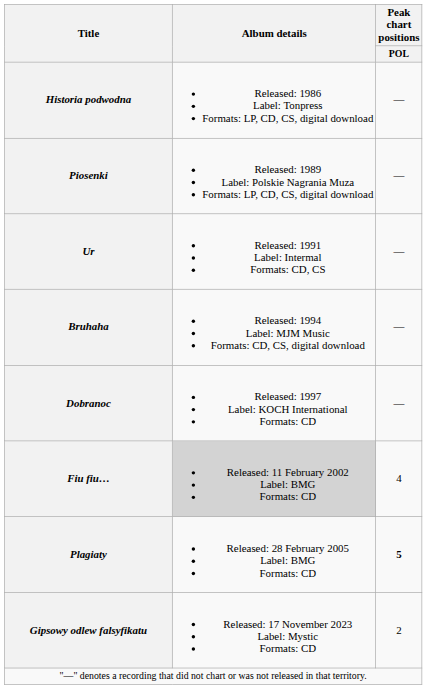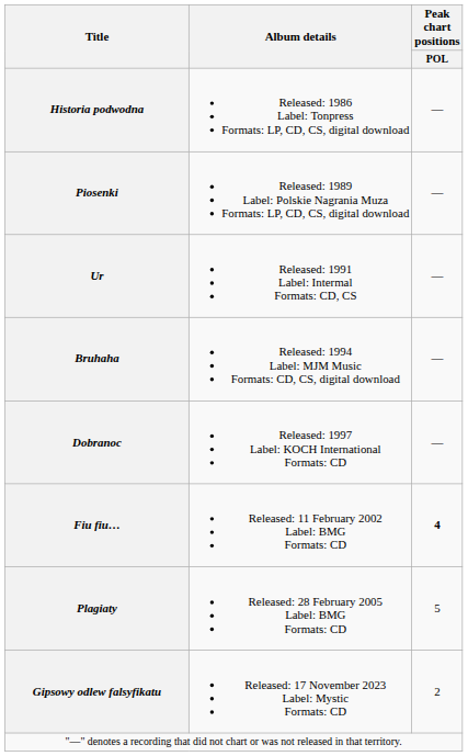 <table class="wikitable plainrowheaders" style="text-align:center;">
 <tr>
 <th scope="col" rowspan="2" style="width:15em;">Title</th>
 <th scope="col" rowspan="2">Album details</th>
 <th scope="col" colspan="1">Peak chart positions</th>
 </tr>
 <tr>
 <th scope="col" style="width:3em;font-size:90%;">POL<br></th>
 </tr>
 <tr>
 <th scope="row"><em>Historia podwodna</em></th>
 <td><br><ul><li>Released: 1986</li><li>Label: Tonpress</li><li>Formats: LP, CD, CS, digital download</li></ul></td>
 <td>—</td>
 </tr>
 <tr>
 <th scope="row"><em>Piosenki</em></th>
 <td><br><ul><li>Released: 1989</li><li>Label: Polskie Nagrania Muza</li><li>Formats: LP, CD, CS, digital download</li></ul></td>
 <td>—</td>
 </tr>
 <tr>
 <th scope="row"><em>Ur</em></th>
 <td><br><ul><li>Released: 1991</li><li>Label: Intermal</li><li>Formats: CD, CS</li></ul></td>
 <td>—</td>
 </tr>
 <tr>
 <th scope="row"><em>Bruhaha</em></th>
 <td><br><ul><li>Released: 1994</li><li>Label: MJM Music</li><li>Formats: CD, CS, digital download</li></ul></td>
 <td>—</td>
 </tr>
 <tr>
 <th scope="row"><em>Dobranoc</em></th>
 <td><br><ul><li>Released: 1997</li><li>Label: KOCH International</li><li>Formats: CD</li></ul></td>
 <td>—</td>
 </tr>
 <tr>
 <th scope="row"><em>Fiu fiu…</em></th>
-<td style="background: lightgrey;"><br><ul><li>Released: 11 February 2002</li><li>Label: BMG</li><li>Formats: CD</li></ul></td>
-<td>4</td>
+<td><br><ul><li>Released: 11 February 2002</li><li>Label: BMG</li><li>Formats: CD</li></ul></td>
+<td><strong>4</strong></td>
 </tr>
 <tr>
 <th scope="row"><em>Plagiaty</em></th>
 <td><br><ul><li>Released: 28 February 2005</li><li>Label: BMG</li><li>Formats: CD</li></ul></td>
-<td><strong>5</strong></td>
+<td>5</td>
 </tr>
 <tr>
 <th scope="row"><em>Gipsowy odlew falsyfikatu</em></th>
 <td><br><ul><li>Released: 17 November 2023</li><li>Label: Mystic</li><li>Formats: CD</li></ul></td>
 <td>2</td>
 </tr>
 <tr>
 <td colspan="20" style="font-size:90%">"—" denotes a recording that did not chart or was not released in that territory.</td>
 </tr>
 </table>
